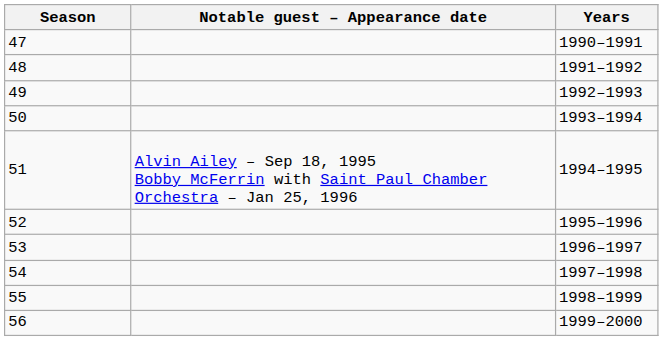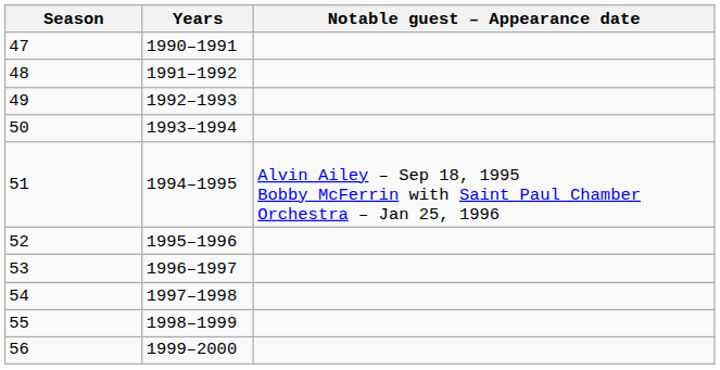 <table class="wikitable collapsible" width="550">
 <tr>
 <th scope="col" width="100px">Season</th>
+<th scope="col" width="80px">Years</th>
 <th>Notable guest – Appearance date</th>
-<th scope="col" width="80px">Years</th>
 </tr>
 <tr>
 <td>47</td>
+<td>1990–1991</td>
 <td></td>
-<td>1990–1991</td>
 </tr>
 <tr>
 <td>48</td>
+<td>1991–1992</td>
 <td></td>
-<td>1991–1992</td>
 </tr>
 <tr>
 <td>49</td>
+<td>1992–1993</td>
 <td></td>
-<td>1992–1993</td>
 </tr>
 <tr>
 <td>50</td>
+<td>1993–1994</td>
 <td></td>
-<td>1993–1994</td>
 </tr>
 <tr>
 <td>51</td>
+<td>1994–1995</td>
 <td><br><a href='#'>Alvin Ailey</a> – Sep 18, 1995<br> <a href='#'>Bobby McFerrin</a> with <a href='#'>Saint Paul Chamber Orchestra</a> – Jan 25, 1996</td>
-<td>1994–1995</td>
 </tr>
 <tr>
 <td>52</td>
+<td>1995–1996</td>
 <td></td>
-<td>1995–1996</td>
 </tr>
 <tr>
 <td>53</td>
+<td>1996–1997</td>
 <td></td>
-<td>1996–1997</td>
 </tr>
 <tr>
 <td>54</td>
+<td>1997–1998</td>
 <td></td>
-<td>1997–1998</td>
 </tr>
 <tr>
 <td>55</td>
+<td>1998–1999</td>
 <td></td>
-<td>1998–1999</td>
 </tr>
 <tr>
 <td>56</td>
+<td>1999–2000</td>
 <td></td>
-<td>1999–2000</td>
 </tr>
 </table>
